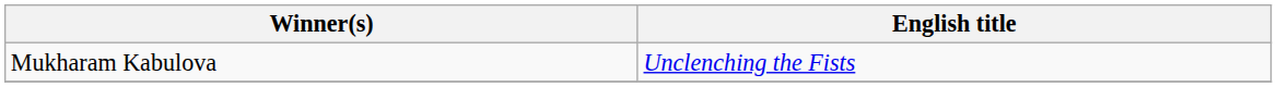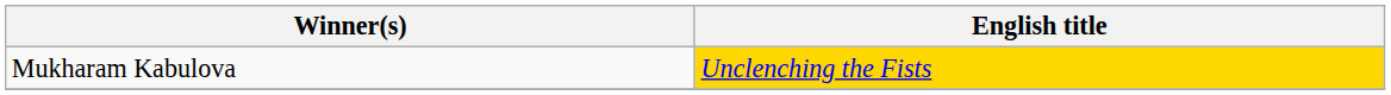 <table class="wikitable" width="95%" cellpadding="5">
 <tr>
 <th width="18%">Winner(s)</th>
 <th width="18%">English title</th>
 </tr>
 <tr>
 <td> Mukharam Kabulova</td>
-<td><em><a href='#'>Unclenching the Fists</a></em></td>
+<td style="background: gold;"><em><a href='#'>Unclenching the Fists</a></em></td>
 </tr>
 <tr>
 </tr>
 </table>
